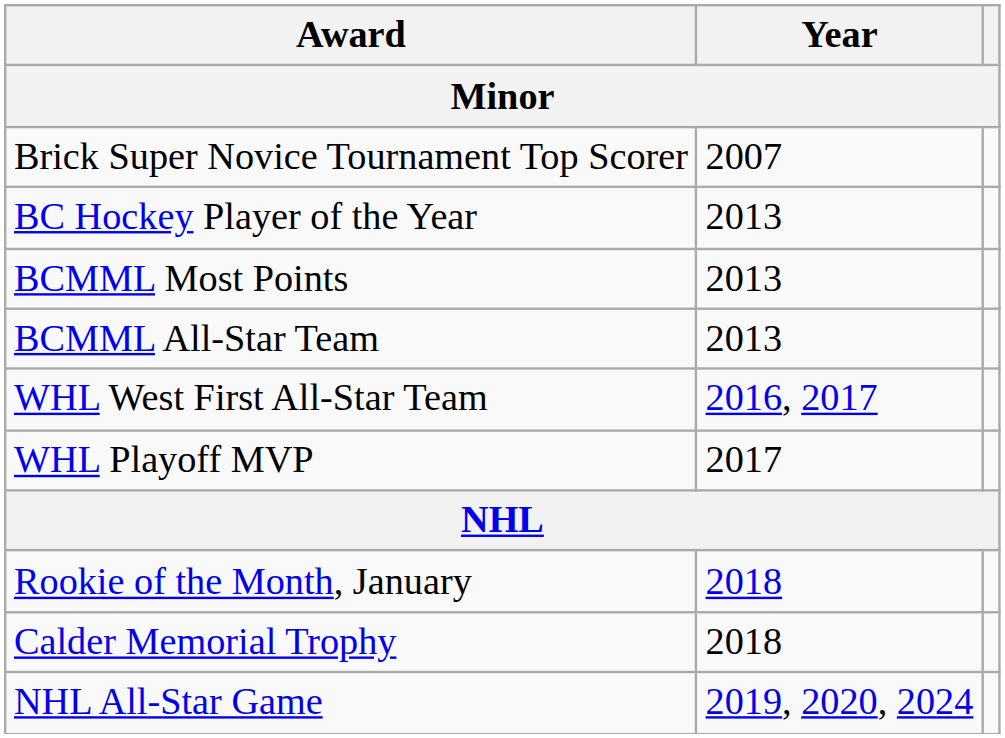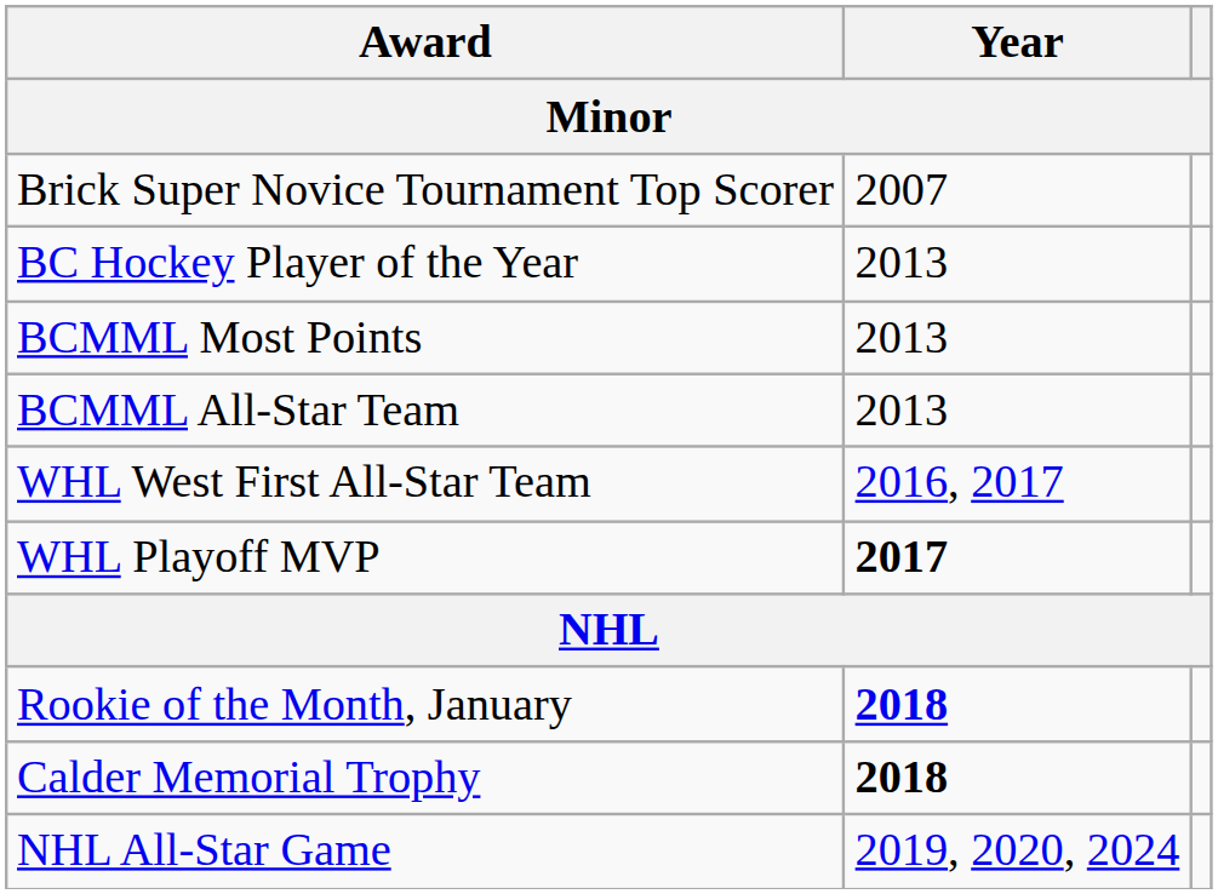 <table class="wikitable">
 <tr>
 <th>Award</th>
 <th>Year</th>
 <th></th>
 </tr>
 <tr>
 <th colspan="3">Minor</th>
 </tr>
 <tr>
 <td>Brick Super Novice Tournament Top Scorer</td>
 <td>2007</td>
 <td></td>
 </tr>
 <tr>
 <td><a href='#'>BC Hockey</a> Player of the Year</td>
 <td>2013</td>
 <td></td>
 </tr>
 <tr>
 <td><a href='#'>BCMML</a> Most Points</td>
 <td>2013</td>
 <td></td>
 </tr>
 <tr>
 <td><a href='#'>BCMML</a> All-Star Team</td>
 <td>2013</td>
 <td></td>
 </tr>
 <tr>
 <td><a href='#'>WHL</a> West First All-Star Team</td>
 <td><a href='#'>2016</a>, <a href='#'>2017</a></td>
 <td></td>
 </tr>
 <tr>
 <td><a href='#'>WHL</a> Playoff MVP</td>
-<td>2017</td>
+<td><strong>2017</strong></td>
 <td></td>
 </tr>
 <tr>
 <th colspan="3"><a href='#'>NHL</a></th>
 </tr>
 <tr>
 <td><a href='#'>Rookie of the Month</a>, January</td>
-<td><a href='#'>2018</a></td>
+<td><strong><a href='#'>2018</a></strong></td>
 <td></td>
 </tr>
 <tr>
 <td><a href='#'>Calder Memorial Trophy</a></td>
-<td>2018</td>
+<td><strong>2018</strong></td>
 <td></td>
 </tr>
 <tr>
 <td><a href='#'>NHL All-Star Game</a></td>
 <td><a href='#'>2019</a>, <a href='#'>2020</a>, <a href='#'>2024</a></td>
 <td></td>
 </tr>
 </table>
